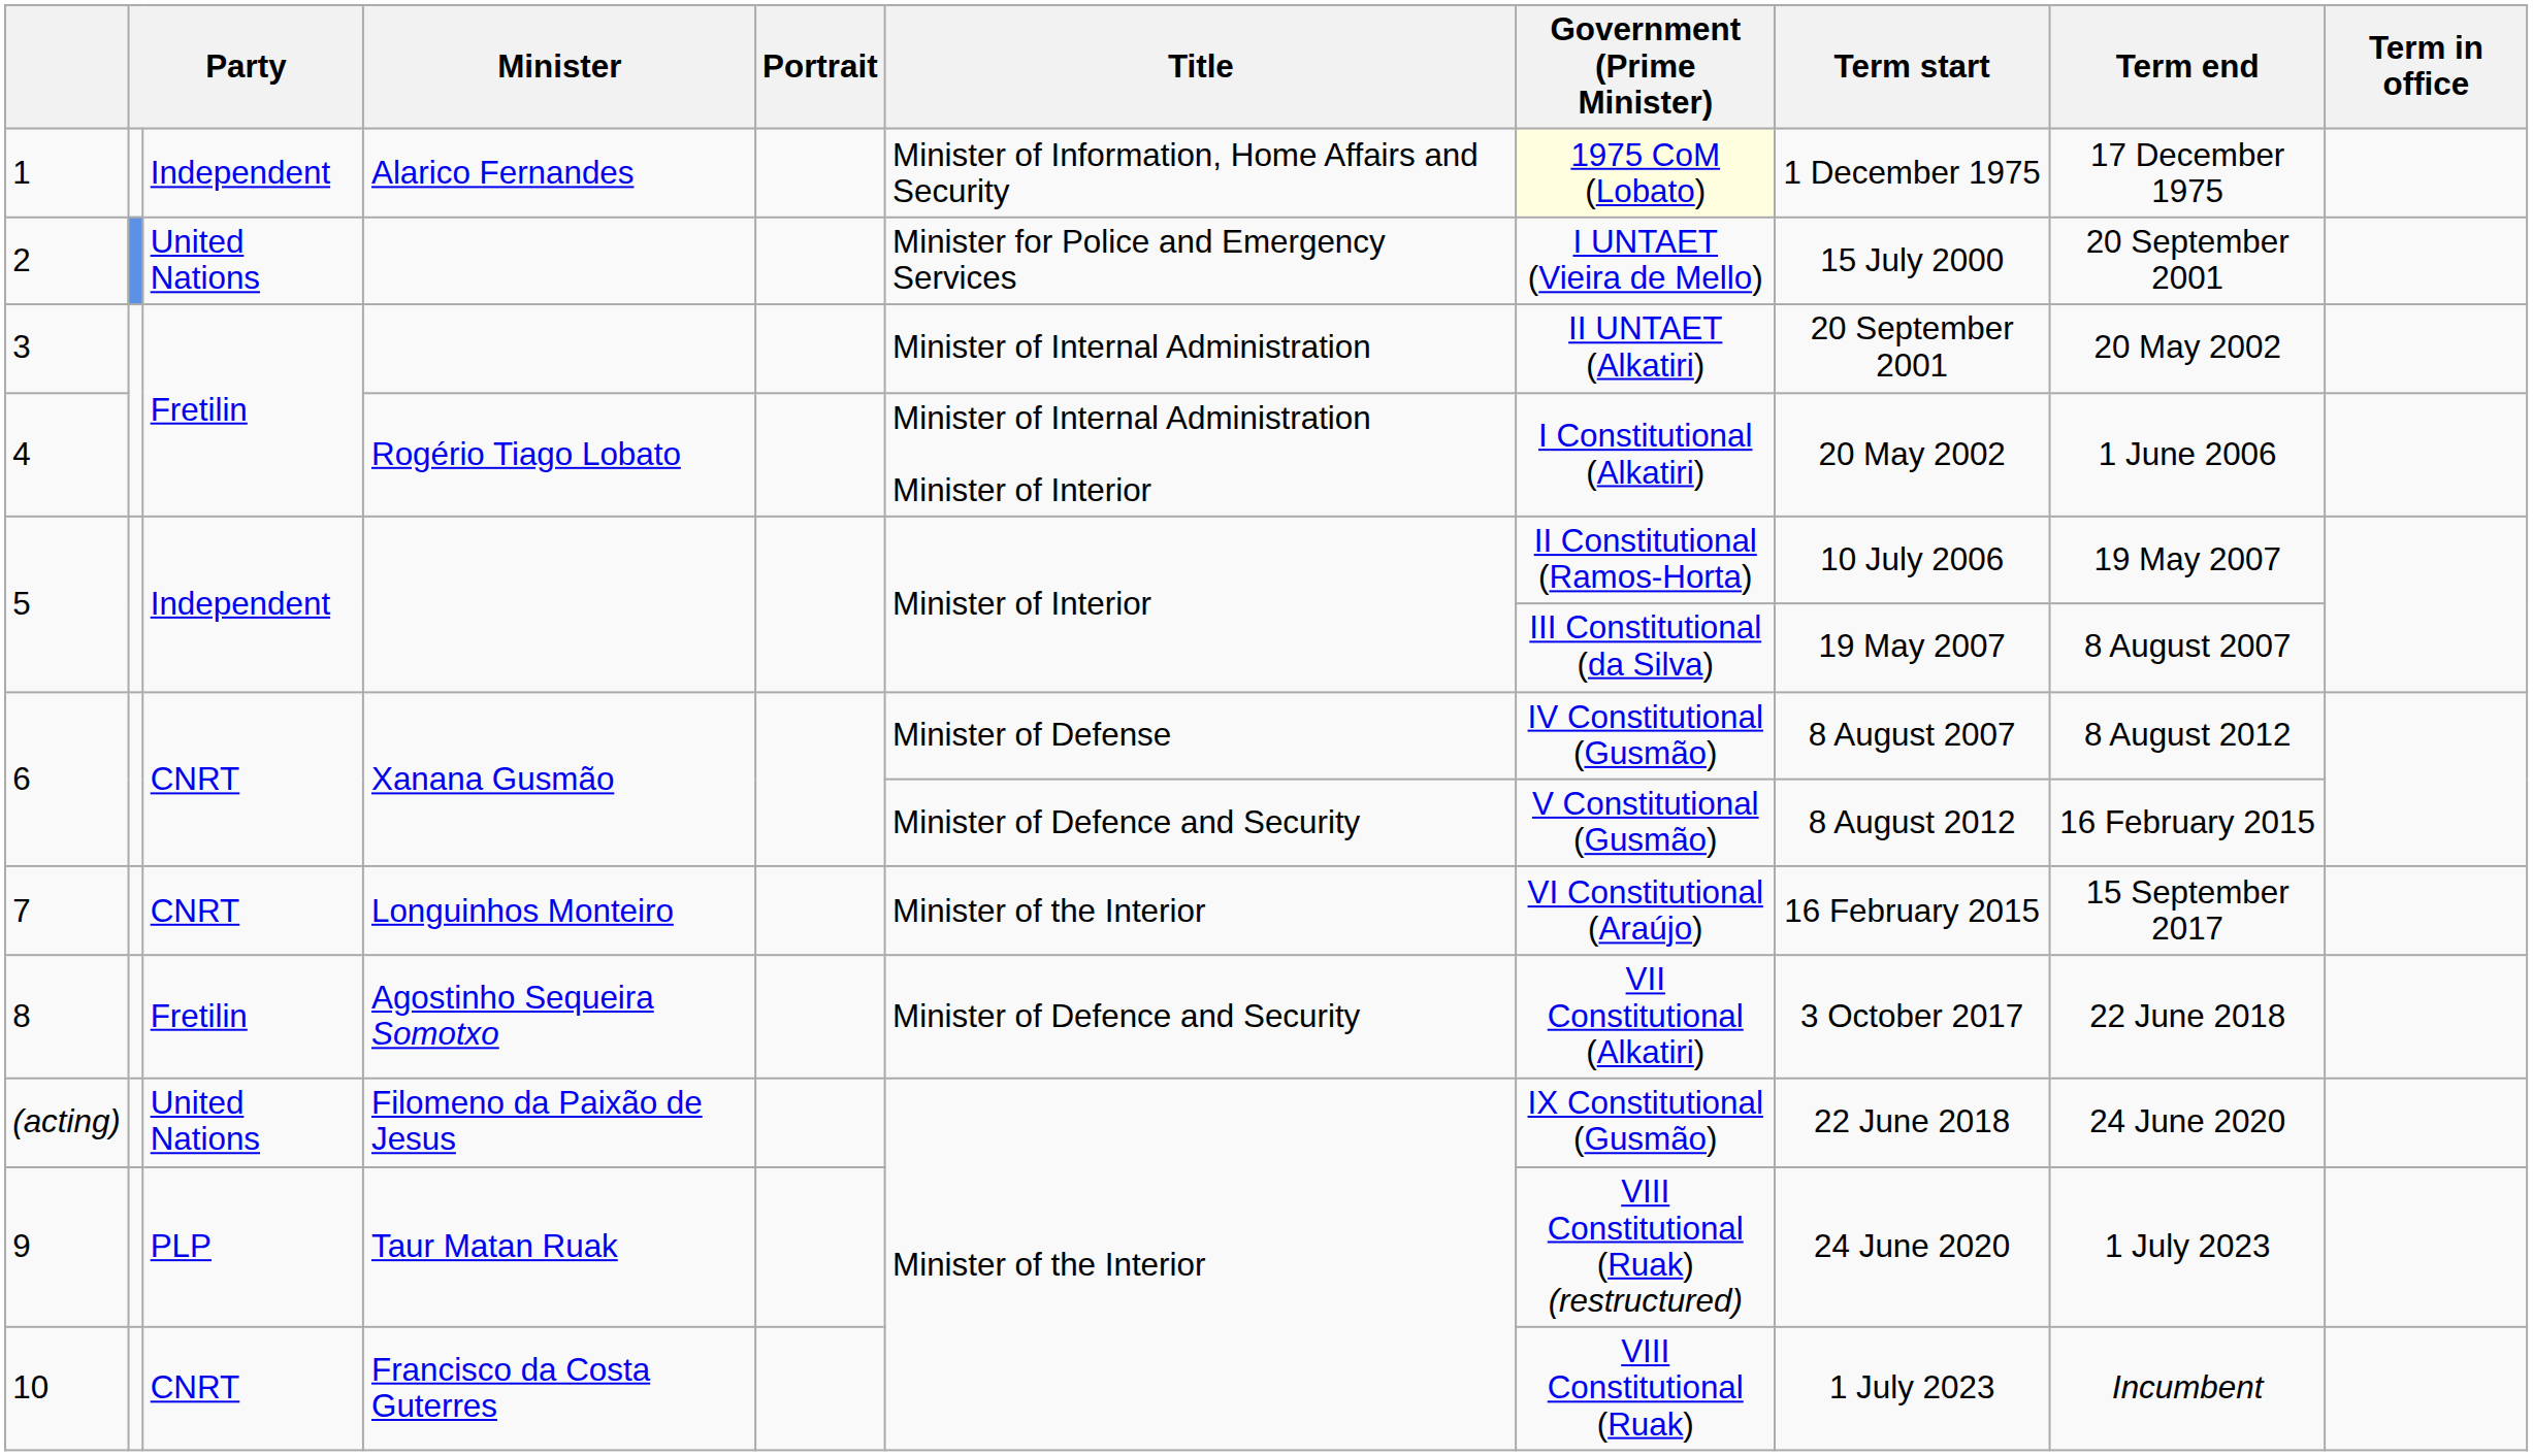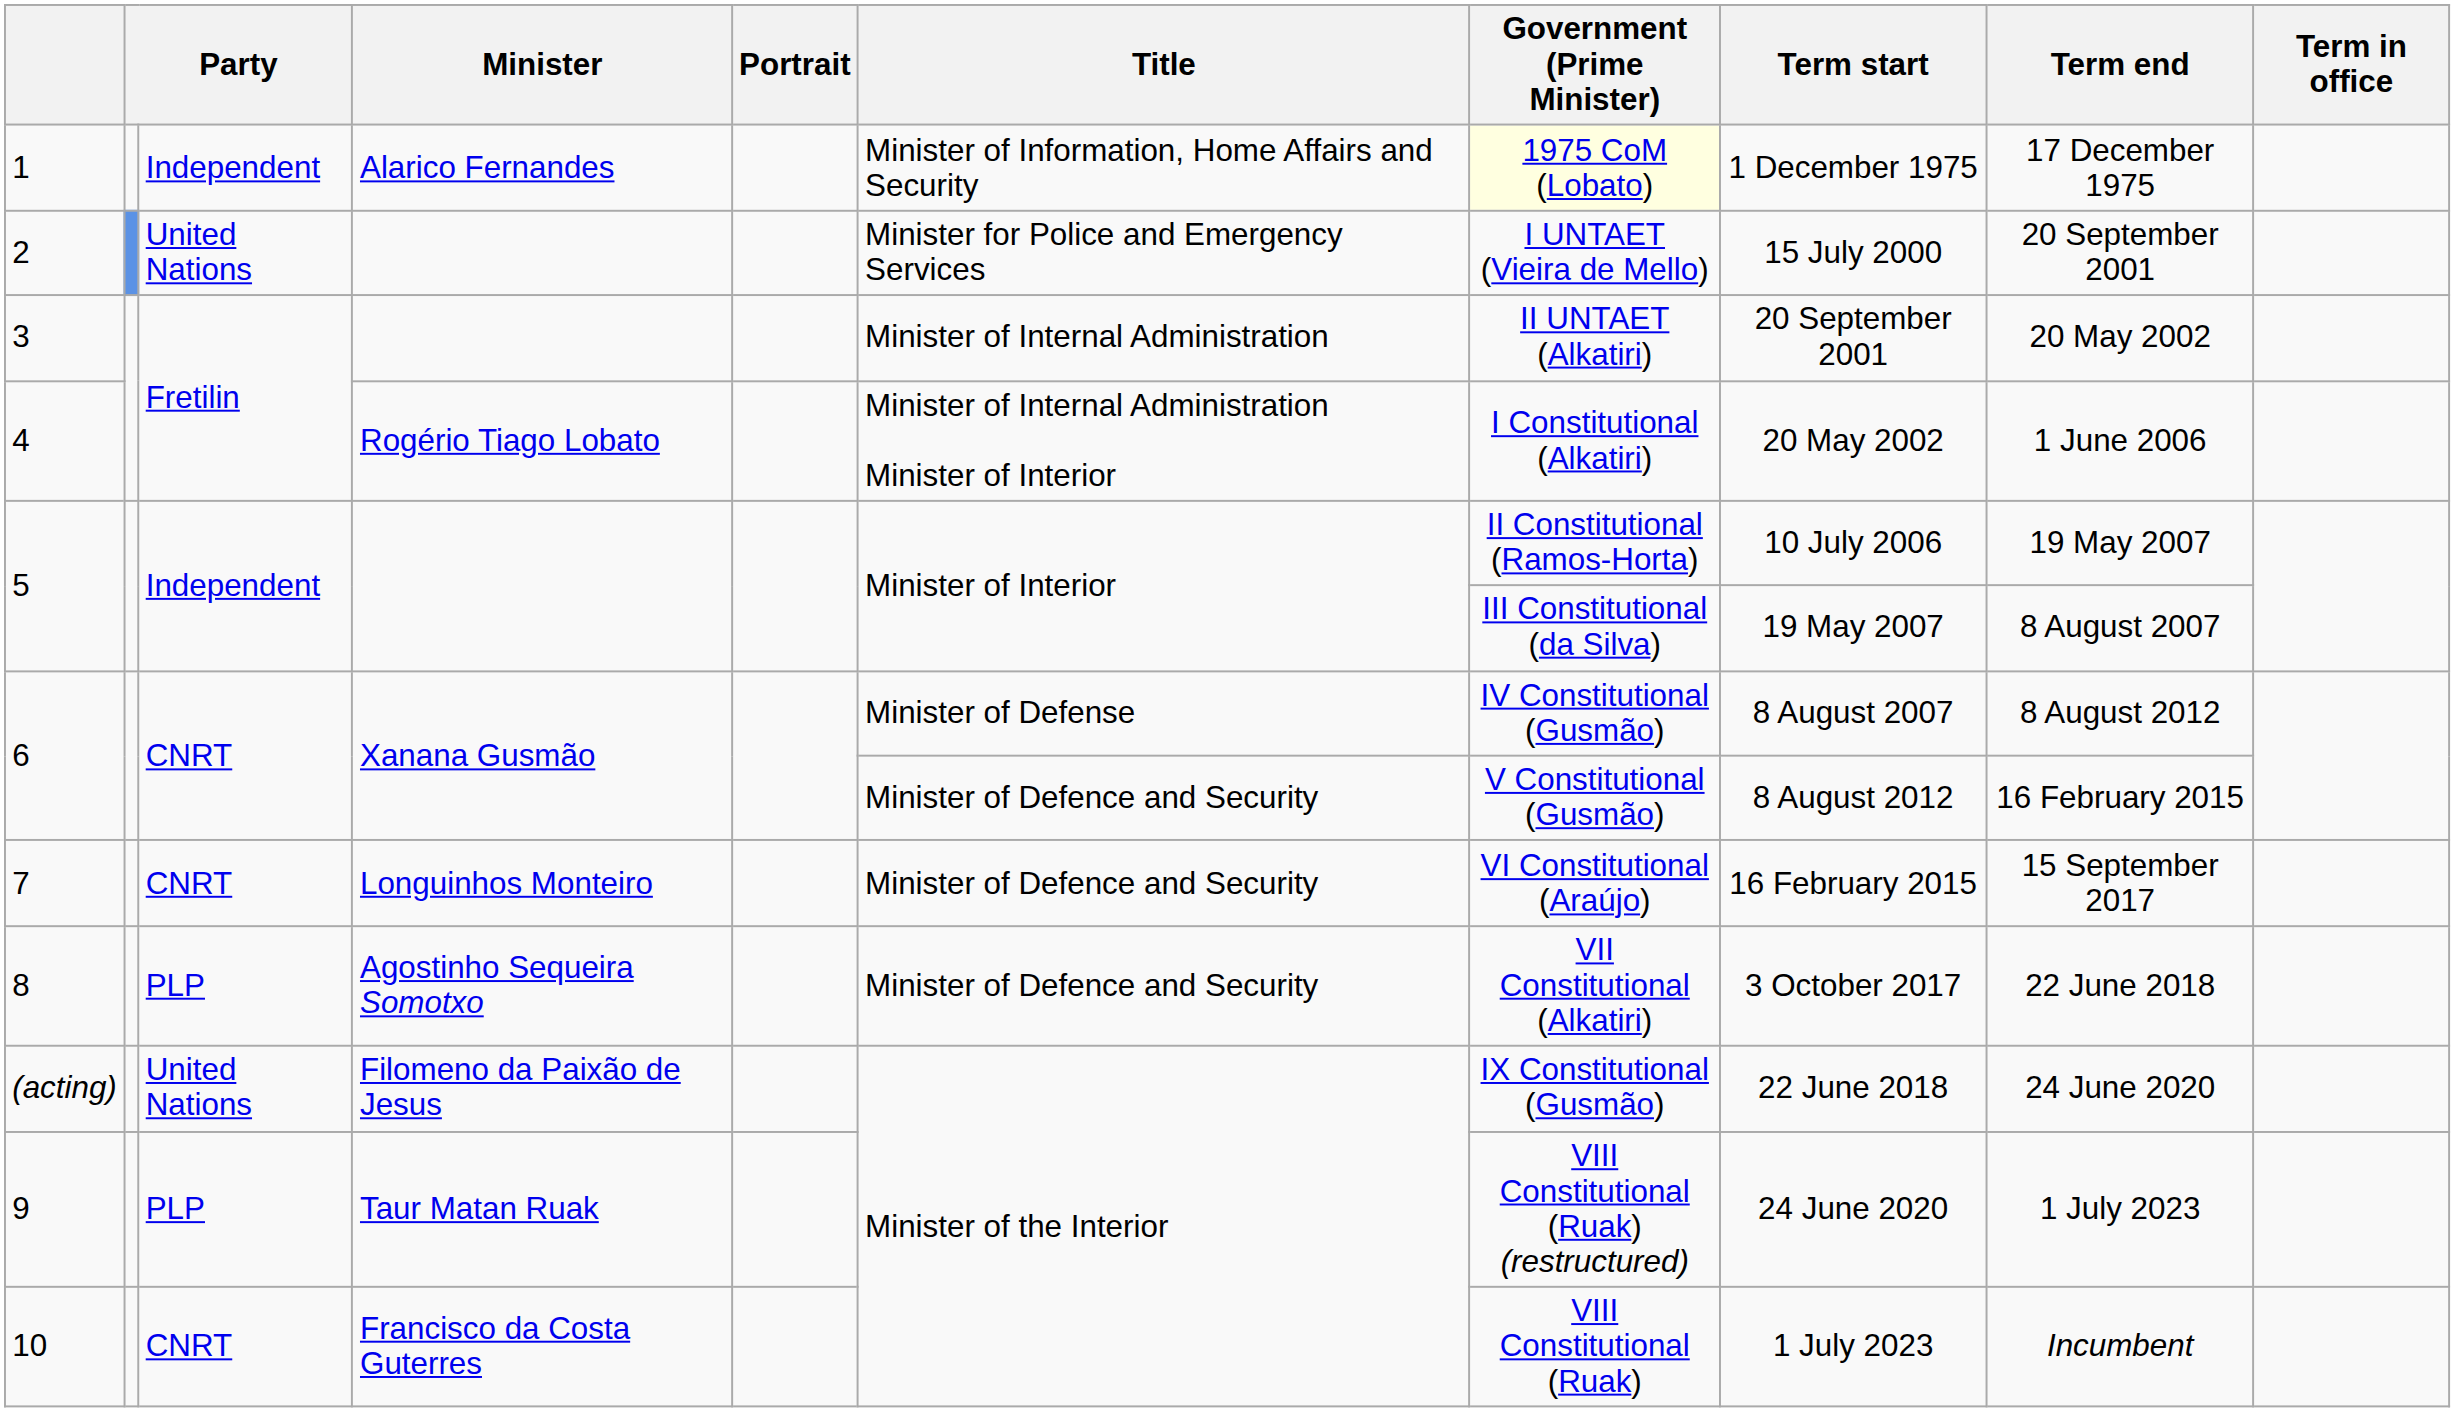 <table class="wikitable sortable">
 <tr>
 <th></th>
 <th colspan="2">Party</th>
 <th>Minister</th>
 <th>Portrait</th>
 <th>Title</th>
 <th>Government<br>(Prime Minister)</th>
 <th>Term start</th>
 <th>Term end</th>
 <th>Term in office</th>
 </tr>
 <tr>
 <td>1</td>
 <td style="background:"></td>
 <td><a href='#'>Independent</a></td>
 <td><a href='#'>Alarico Fernandes</a></td>
 <td></td>
 <td>Minister of Information, Home Affairs and Security</td>
 <td align=center style="background: lightyellow;"><a href='#'>1975 CoM</a><br>(<a href='#'>Lobato</a>)</td>
 <td align=center>1 December 1975</td>
 <td align=center>17 December 1975</td>
 <td align=right></td>
 </tr>
 <tr>
 <td>2</td>
 <td style="background:#5b92e5"></td>
 <td><a href='#'>United Nations</a></td>
 <td></td>
 <td></td>
 <td>Minister for Police and Emergency Services</td>
 <td align=center><a href='#'>I UNTAET</a><br>(<a href='#'>Vieira de Mello</a>)</td>
 <td align=center>15 July 2000</td>
 <td align=center>20 September 2001</td>
 <td align=right></td>
 </tr>
 <tr>
 <td>3</td>
 <td rowspan=2 style="background:"></td>
 <td rowspan=2><a href='#'>Fretilin</a></td>
 <td></td>
 <td></td>
 <td>Minister of Internal Administration</td>
 <td align=center><a href='#'>II UNTAET</a><br>(<a href='#'>Alkatiri</a>)</td>
 <td align=center>20 September 2001</td>
 <td align=center>20 May 2002</td>
 <td align=right></td>
 </tr>
 <tr>
 <td>4</td>
 <td><a href='#'>Rogério Tiago Lobato</a></td>
 <td></td>
 <td>Minister of Internal Administration<br><br>Minister of Interior<br></td>
 <td align=center><a href='#'>I Constitutional</a><br>(<a href='#'>Alkatiri</a>)</td>
 <td align=center>20 May 2002</td>
 <td align=center>1 June 2006</td>
 <td align=right></td>
 </tr>
 <tr>
 <td rowspan=2>5</td>
 <td rowspan=2 style="background:"></td>
 <td rowspan=2><a href='#'>Independent</a></td>
 <td rowspan=2></td>
 <td rowspan=2></td>
 <td rowspan=2>Minister of Interior</td>
 <td align=center><a href='#'>II Constitutional</a><br>(<a href='#'>Ramos-Horta</a>)</td>
 <td align=center>10 July 2006</td>
 <td align=center>19 May 2007</td>
 <td rowspan=2 align=right></td>
 </tr>
 <tr>
 <td align=center><a href='#'>III Constitutional</a><br>(<a href='#'>da Silva</a>)</td>
 <td align=center>19 May 2007</td>
 <td align=center>8 August 2007</td>
 </tr>
 <tr>
 <td rowspan=2>6</td>
 <td rowspan=2 style="background:"></td>
 <td rowspan=2><a href='#'>CNRT</a></td>
 <td rowspan=2><a href='#'>Xanana Gusmão</a></td>
 <td rowspan=2></td>
 <td>Minister of Defense</td>
 <td align=center><a href='#'>IV Constitutional</a><br>(<a href='#'>Gusmão</a>)</td>
 <td align=center>8 August 2007</td>
 <td align=center>8 August 2012</td>
 <td rowspan=2 align=right></td>
 </tr>
 <tr>
 <td>Minister of Defence and Security</td>
 <td align=center><a href='#'>V Constitutional</a><br>(<a href='#'>Gusmão</a>)</td>
 <td align=center>8 August 2012</td>
 <td align=center>16 February 2015</td>
 </tr>
 <tr>
 <td>7</td>
 <td style="background:"></td>
 <td><a href='#'>CNRT</a></td>
 <td><a href='#'>Longuinhos Monteiro</a></td>
 <td></td>
-<td>Minister of the Interior</td>
+<td>Minister of Defence and Security</td>
 <td align=center><a href='#'>VI Constitutional</a><br>(<a href='#'>Araújo</a>)</td>
 <td align=center>16 February 2015</td>
 <td align=center>15 September 2017</td>
 <td align=right></td>
 </tr>
 <tr>
 <td>8</td>
 <td style="background:"></td>
-<td><a href='#'>Fretilin</a></td>
+<td><a href='#'>PLP</a></td>
 <td><a href='#'>Agostinho Sequeira <em>Somotxo</em></a></td>
 <td></td>
 <td>Minister of Defence and Security</td>
 <td align=center><a href='#'>VII Constitutional</a><br>(<a href='#'>Alkatiri</a>)</td>
 <td align=center>3 October 2017</td>
 <td align=center>22 June 2018</td>
 <td align=right></td>
 </tr>
 <tr>
 <td><em>(acting)</em></td>
 <td style="background:"></td>
 <td><a href='#'>United Nations</a></td>
 <td><a href='#'>Filomeno da Paixão de Jesus</a></td>
 <td></td>
 <td rowspan=3>Minister of the Interior</td>
 <td align=center><a href='#'>IX Constitutional</a><br>(<a href='#'>Gusmão</a>)</td>
 <td align=center>22 June 2018</td>
 <td align=center>24 June 2020</td>
 <td align=right></td>
 </tr>
 <tr>
 <td>9</td>
 <td style="background:"></td>
 <td><a href='#'>PLP</a></td>
 <td><a href='#'>Taur Matan Ruak</a></td>
 <td></td>
 <td align=center><a href='#'>VIII Constitutional</a><br>(<a href='#'>Ruak</a>)<br><em>(restructured)</em></td>
 <td align=center>24 June 2020</td>
 <td align=center>1 July 2023</td>
 <td align=right></td>
 </tr>
 <tr>
 <td>10</td>
 <td style="background:"></td>
 <td><a href='#'>CNRT</a></td>
 <td><a href='#'>Francisco da Costa Guterres</a></td>
 <td></td>
 <td align=center><a href='#'>VIII Constitutional</a><br>(<a href='#'>Ruak</a>)</td>
 <td align=center>1 July 2023</td>
 <td align=center><em>Incumbent</em></td>
 <td align=right></td>
 </tr>
 </table>
